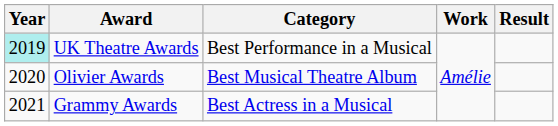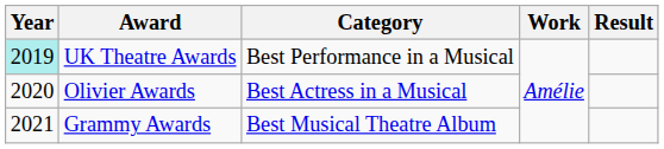 <table class="wikitable sortable">
 <tr>
 <th>Year</th>
 <th>Award</th>
 <th>Category</th>
 <th>Work</th>
 <th>Result</th>
 </tr>
 <tr>
 <td style="background: paleturquoise;">2019</td>
 <td><a href='#'>UK Theatre Awards</a></td>
 <td>Best Performance in a Musical</td>
 <td rowspan=3><em><a href='#'>Amélie</a></em></td>
 <td></td>
 </tr>
 <tr>
 <td>2020</td>
 <td><a href='#'>Olivier Awards</a></td>
-<td><a href='#'>Best Musical Theatre Album</a></td>
+<td><a href='#'>Best Actress in a Musical</a></td>
 <td></td>
 </tr>
 <tr>
 <td>2021</td>
 <td><a href='#'>Grammy Awards</a></td>
-<td><a href='#'>Best Actress in a Musical</a></td>
+<td><a href='#'>Best Musical Theatre Album</a></td>
 <td></td>
 </tr>
 </table>
